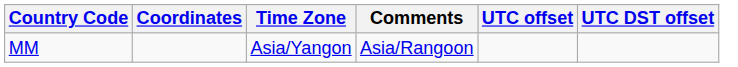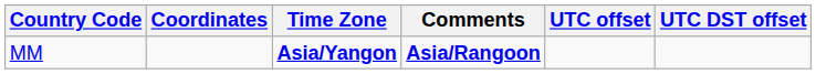 <table class="wikitable sortable">
 <tr>
 <th><a href='#'>Country Code</a></th>
 <th><a href='#'>Coordinates</a></th>
 <th><a href='#'>Time Zone</a></th>
 <th>Comments</th>
 <th><a href='#'>UTC offset</a></th>
 <th><a href='#'>UTC DST offset</a></th>
 </tr>
 <tr --->
 <td><a href='#'>MM</a></td>
 <td></td>
-<td><a href='#'>Asia/Yangon</a></td>
-<td><a href='#'>Asia/Rangoon</a></td>
+<td><strong><a href='#'>Asia/Yangon</a></strong></td>
+<td><strong><a href='#'>Asia/Rangoon</a></strong></td>
 <td></td>
 </tr>
 </table>
